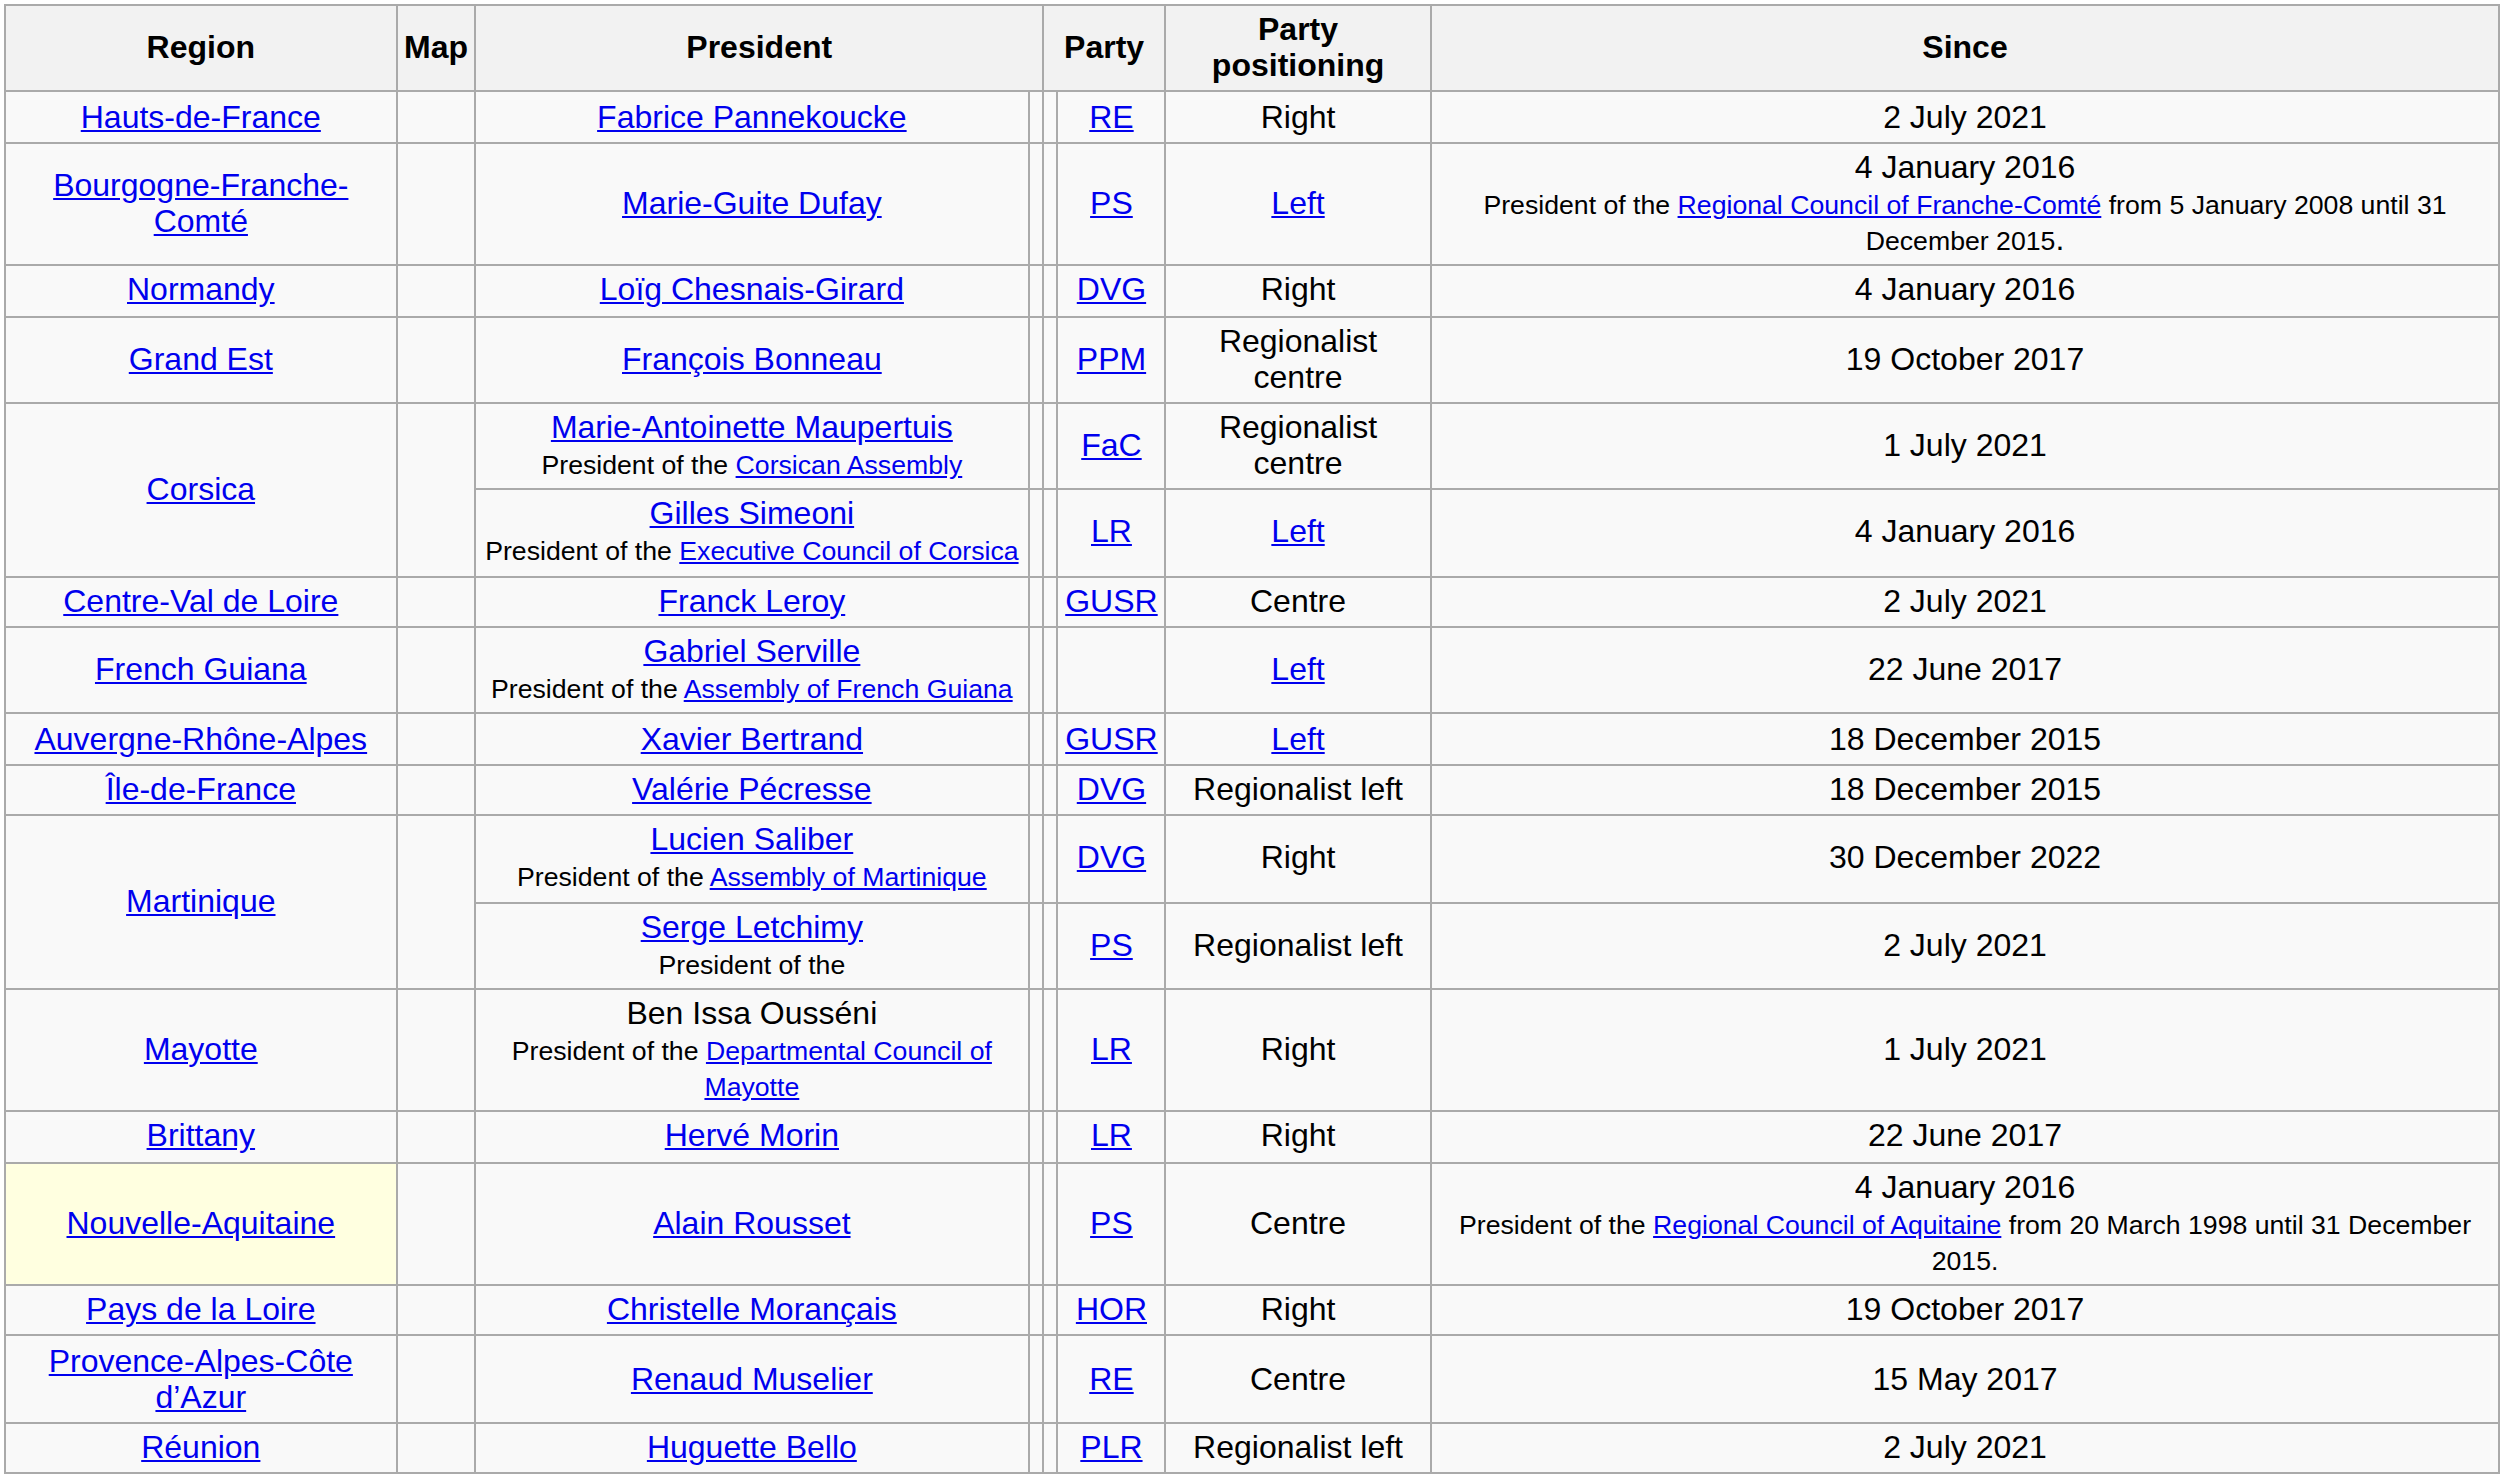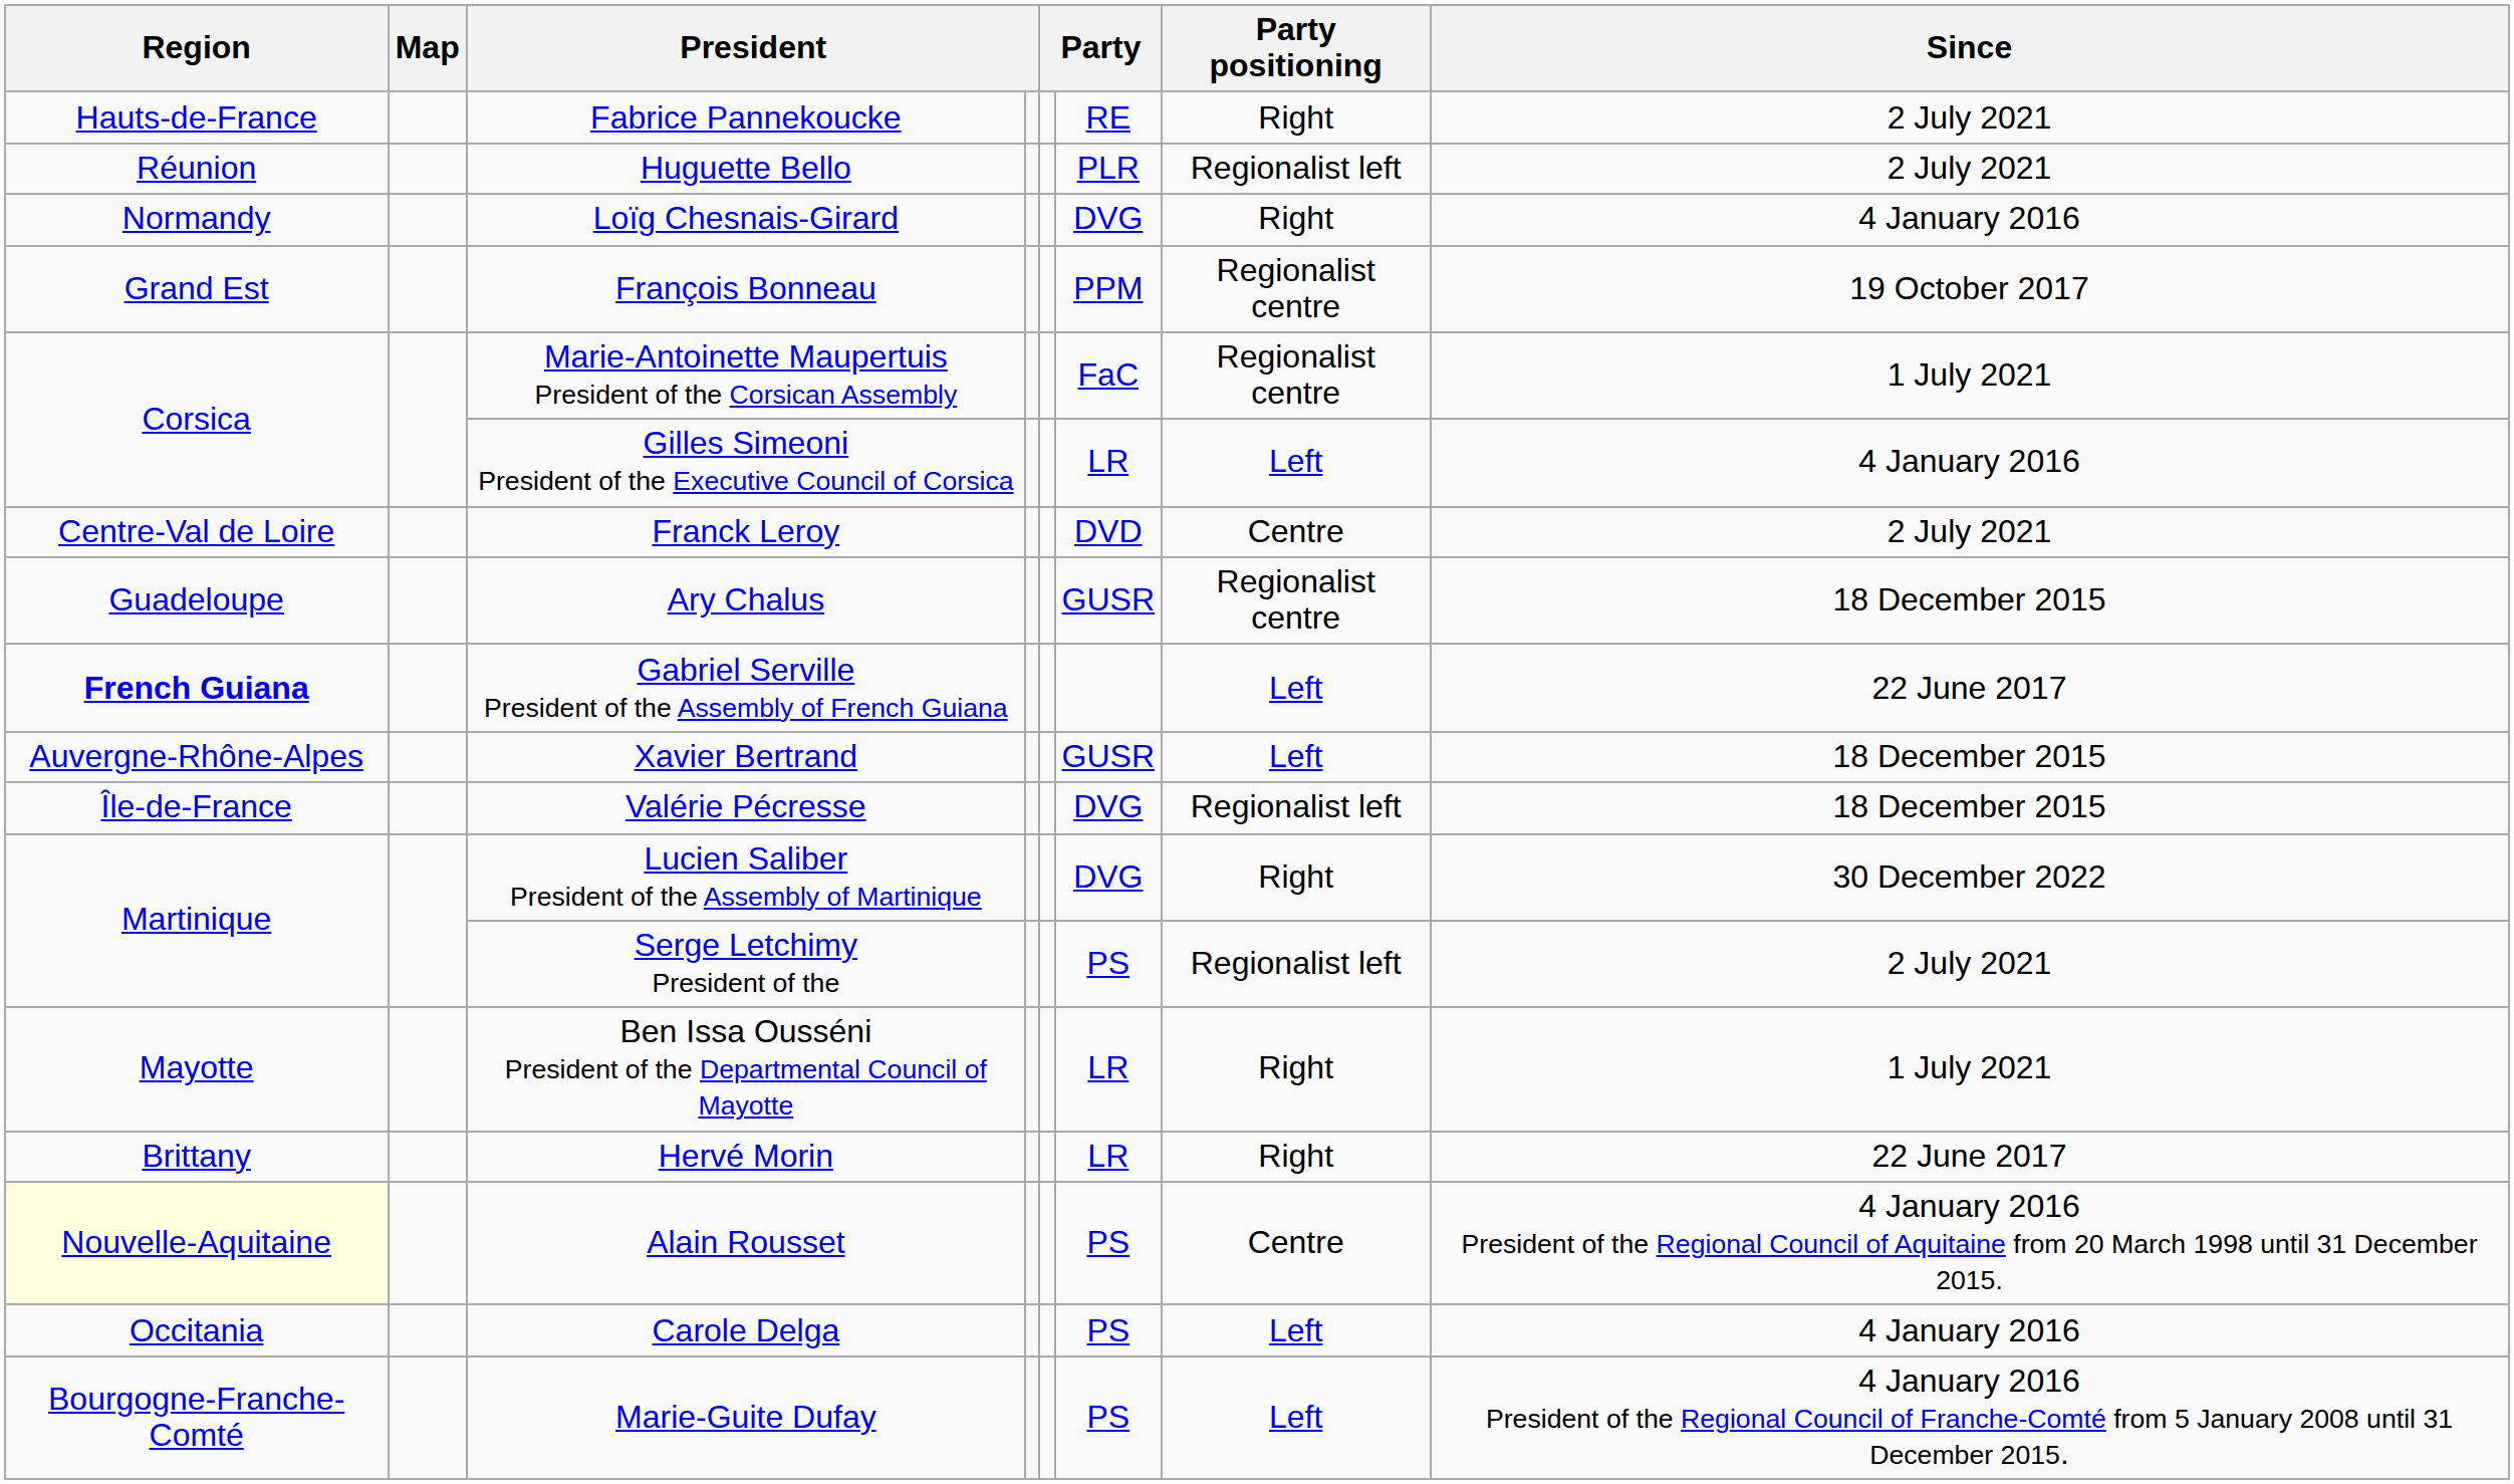 <table class="wikitable" style="text-align:center">
 <tr>
 <th>Region</th>
 <th>Map</th>
 <th colspan="2">President</th>
 <th colspan="2">Party</th>
 <th>Party positioning</th>
 <th>Since</th>
 </tr>
 <tr>
 <td><a href='#'>Hauts-de-France</a></td>
 <td></td>
 <td><a href='#'>Fabrice Pannekoucke</a></td>
 <td></td>
 <td style="background:"></td>
 <td><a href='#'>RE</a></td>
 <td>Right</td>
 <td>2 July 2021</td>
 </tr>
 <tr>
-<td><a href='#'>Bourgogne-Franche-Comté</a></td>
+<td><a href='#'>Réunion</a></td>
 <td></td>
-<td><a href='#'>Marie-Guite Dufay</a></td>
+<td><a href='#'>Huguette Bello</a></td>
 <td></td>
 <td style="background:"></td>
-<td><a href='#'>PS</a></td>
-<td><a href='#'>Left</a></td>
-<td>4 January 2016<br><small>President of the <a href='#'>Regional Council of Franche-Comté</a> from 5 January 2008 until 31 December 2015</small>.</td>
+<td><a href='#'>PLR</a></td>
+<td>Regionalist left</td>
+<td>2 July 2021</td>
 </tr>
 <tr>
 <td><a href='#'>Normandy</a></td>
 <td></td>
 <td><a href='#'>Loïg Chesnais-Girard</a></td>
 <td></td>
 <td style="background:"></td>
 <td><a href='#'>DVG</a></td>
 <td>Right</td>
 <td>4 January 2016</td>
 </tr>
 <tr>
 <td><a href='#'>Grand Est</a></td>
 <td></td>
 <td><a href='#'>François Bonneau</a></td>
 <td></td>
 <td style="background:"></td>
 <td><a href='#'>PPM</a></td>
 <td>Regionalist centre</td>
 <td>19 October 2017</td>
 </tr>
 <tr>
 <td rowspan="2"><a href='#'>Corsica</a></td>
 <td rowspan="2"></td>
 <td><a href='#'>Marie-Antoinette Maupertuis</a><br><small>President of the <a href='#'>Corsican Assembly</a></small></td>
 <td></td>
 <td style="background:"></td>
 <td><a href='#'>FaC</a></td>
 <td>Regionalist centre</td>
 <td>1 July 2021</td>
 </tr>
 <tr>
 <td><a href='#'>Gilles Simeoni</a><br><small>President of the <a href='#'>Executive Council of Corsica</a></small></td>
 <td></td>
 <td style="background:"></td>
 <td><a href='#'>LR</a></td>
 <td><a href='#'>Left</a></td>
 <td>4 January 2016</td>
 </tr>
 <tr>
 <td><a href='#'>Centre-Val de Loire</a></td>
 <td></td>
 <td><a href='#'>Franck Leroy</a></td>
 <td></td>
 <td style="background:"></td>
-<td><a href='#'>GUSR</a></td>
+<td><a href='#'>DVD</a></td>
 <td>Centre</td>
 <td>2 July 2021</td>
 </tr>
 <tr>
-<td><a href='#'>French Guiana</a></td>
+<td><a href='#'>Guadeloupe</a></td>
+<td></td>
+<td><a href='#'>Ary Chalus</a></td>
+<td></td>
+<td style="background:"></td>
+<td><a href='#'>GUSR</a></td>
+<td>Regionalist centre</td>
+<td>18 December 2015</td>
+</tr>
+<tr>
+<td><strong><a href='#'>French Guiana</a></strong></td>
 <td></td>
 <td><a href='#'>Gabriel Serville</a><br><small>President of the <a href='#'>Assembly of French Guiana</a></small></td>
 <td></td>
 <td style="background:"></td>
 <td></td>
 <td><a href='#'>Left</a></td>
 <td>22 June 2017</td>
 </tr>
 <tr>
 <td><a href='#'>Auvergne-Rhône-Alpes</a></td>
 <td></td>
 <td><a href='#'>Xavier Bertrand</a></td>
 <td></td>
 <td style="background:"></td>
 <td><a href='#'>GUSR</a></td>
 <td><a href='#'>Left</a></td>
 <td>18 December 2015</td>
 </tr>
 <tr>
 <td><a href='#'>Île-de-France</a></td>
 <td></td>
 <td><a href='#'>Valérie Pécresse</a></td>
 <td></td>
 <td style="background:"></td>
 <td><a href='#'>DVG</a></td>
 <td>Regionalist left</td>
 <td>18 December 2015</td>
 </tr>
 <tr>
 <td rowspan="2"><a href='#'>Martinique</a></td>
 <td rowspan="2"></td>
 <td><a href='#'>Lucien Saliber</a><br><small>President of the <a href='#'>Assembly of Martinique</a></small></td>
 <td></td>
 <td style="background:"></td>
 <td><a href='#'>DVG</a></td>
 <td>Right</td>
 <td>30 December 2022</td>
 </tr>
 <tr>
 <td><a href='#'>Serge Letchimy</a><br><small>President of the </small></td>
 <td></td>
 <td style="background:"></td>
 <td><a href='#'>PS</a></td>
 <td>Regionalist left</td>
 <td>2 July 2021</td>
 </tr>
 <tr>
 <td><a href='#'>Mayotte</a></td>
 <td></td>
 <td>Ben Issa Ousséni<br><small>President of the <a href='#'>Departmental Council of Mayotte</a></small></td>
 <td></td>
 <td style="background:"></td>
 <td><a href='#'>LR</a></td>
 <td>Right</td>
 <td>1 July 2021</td>
 </tr>
 <tr>
 <td><a href='#'>Brittany</a></td>
 <td></td>
 <td><a href='#'>Hervé Morin</a></td>
 <td></td>
 <td style="background:"></td>
 <td><a href='#'>LR</a></td>
 <td>Right</td>
 <td>22 June 2017</td>
 </tr>
 <tr>
 <td style="background: lightyellow;"><a href='#'>Nouvelle-Aquitaine</a></td>
 <td></td>
 <td><a href='#'>Alain Rousset</a></td>
 <td></td>
 <td style="background:"></td>
 <td><a href='#'>PS</a></td>
 <td>Centre</td>
 <td>4 January 2016<br><small>President of the <a href='#'>Regional Council of Aquitaine</a> from 20 March 1998 until 31 December 2015.</small></td>
 </tr>
 <tr>
-<td><a href='#'>Pays de la Loire</a></td>
+<td><a href='#'>Occitania</a></td>
 <td></td>
-<td><a href='#'>Christelle Morançais</a></td>
+<td><a href='#'>Carole Delga</a></td>
 <td></td>
 <td style="background:"></td>
-<td><a href='#'>HOR</a></td>
-<td>Right</td>
-<td>19 October 2017</td>
+<td><a href='#'>PS</a></td>
+<td><a href='#'>Left</a></td>
+<td>4 January 2016</td>
 </tr>
 <tr>
-<td><a href='#'>Provence-Alpes-Côte d’Azur</a></td>
+<td><a href='#'>Bourgogne-Franche-Comté</a></td>
 <td></td>
-<td><a href='#'>Renaud Muselier</a></td>
+<td><a href='#'>Marie-Guite Dufay</a></td>
 <td></td>
 <td style="background:"></td>
-<td><a href='#'>RE</a></td>
-<td>Centre</td>
-<td>15 May 2017</td>
-</tr>
-<tr>
-<td><a href='#'>Réunion</a></td>
-<td></td>
-<td><a href='#'>Huguette Bello</a></td>
-<td></td>
-<td style="background:"></td>
-<td><a href='#'>PLR</a></td>
-<td>Regionalist left</td>
-<td>2 July 2021</td>
+<td><a href='#'>PS</a></td>
+<td><a href='#'>Left</a></td>
+<td>4 January 2016<br><small>President of the <a href='#'>Regional Council of Franche-Comté</a> from 5 January 2008 until 31 December 2015</small>.</td>
 </tr>
 </table>
